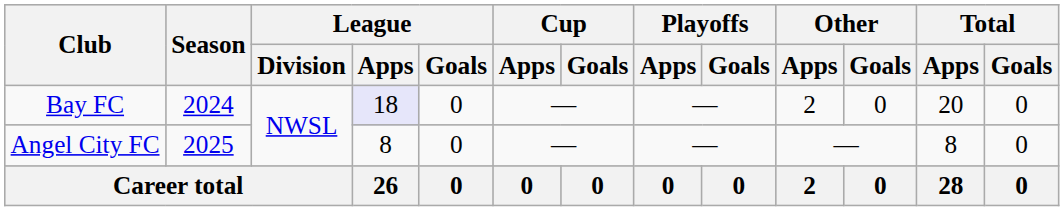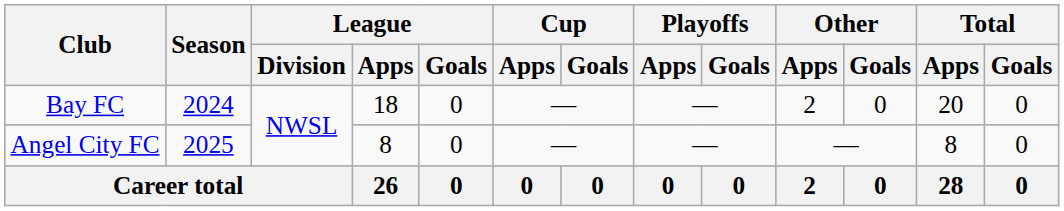 <table class="wikitable" style="text-align: center;">
 <tr>
 <th rowspan="2">Club</th>
 <th rowspan="2">Season</th>
 <th colspan="3">League</th>
 <th colspan="2">Cup</th>
 <th colspan="2">Playoffs</th>
 <th colspan="2">Other</th>
 <th colspan="2">Total</th>
 </tr>
 <tr>
 <th>Division</th>
 <th>Apps</th>
 <th>Goals</th>
 <th>Apps</th>
 <th>Goals</th>
 <th>Apps</th>
 <th>Goals</th>
 <th>Apps</th>
 <th>Goals</th>
 <th>Apps</th>
 <th>Goals</th>
 </tr>
 <tr>
 <td><a href='#'>Bay FC</a></td>
 <td><a href='#'>2024</a></td>
 <td rowspan="2"><a href='#'>NWSL</a></td>
-<td style="background: lavender;">18</td>
+<td>18</td>
 <td>0</td>
 <td colspan="2">—</td>
 <td colspan="2">—</td>
 <td>2</td>
 <td>0</td>
 <td>20</td>
 <td>0</td>
 </tr>
 <tr>
 <td><a href='#'>Angel City FC</a></td>
 <td><a href='#'>2025</a></td>
 <td>8</td>
 <td>0</td>
 <td colspan="2">—</td>
 <td colspan="2">—</td>
 <td colspan="2">—</td>
 <td>8</td>
 <td>0</td>
 </tr>
 <tr>
 <th colspan="3">Career total</th>
 <th>26</th>
 <th>0</th>
 <th>0</th>
 <th>0</th>
 <th>0</th>
 <th>0</th>
 <th>2</th>
 <th>0</th>
 <th>28</th>
 <th>0</th>
 </tr>
 </table>
